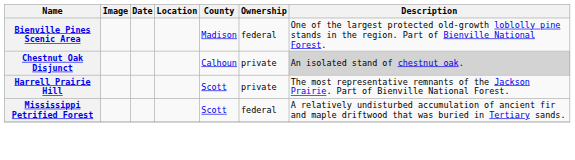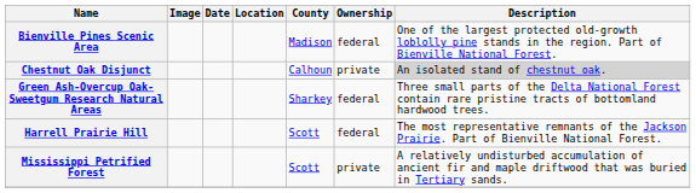 <table class="wikitable sortable" align="center">
 <tr>
 <th style="background-color:">Name</th>
 <th style="background-color:">Image</th>
 <th style="background-color:">Date</th>
 <th style="background-color:">Location</th>
 <th style="background-color:">County</th>
 <th style="background-color:">Ownership</th>
 <th style="background-color:">Description</th>
 </tr>
 <tr>
 <th><a href='#'>Bienville Pines Scenic Area</a></th>
 <td></td>
 <td></td>
 <td></td>
 <td><a href='#'>Madison</a></td>
 <td>federal</td>
 <td>One of the largest protected old-growth <a href='#'>loblolly pine</a> stands in the region. Part of <a href='#'>Bienville National Forest</a>.</td>
 </tr>
 <tr>
 <th><a href='#'>Chestnut Oak Disjunct</a></th>
 <td></td>
 <td></td>
 <td></td>
 <td><a href='#'>Calhoun</a></td>
 <td>private</td>
 <td style="background: lightgrey;">An isolated stand of <a href='#'>chestnut oak</a>.</td>
 </tr>
 <tr>
+<th><a href='#'>Green Ash-Overcup Oak-Sweetgum Research Natural Areas</a></th>
+<td></td>
+<td></td>
+<td></td>
+<td><a href='#'>Sharkey</a></td>
+<td>federal</td>
+<td>Three small parts of the <a href='#'>Delta National Forest</a> contain rare pristine tracts of bottomland hardwood trees.</td>
+</tr>
+<tr>
 <th><a href='#'>Harrell Prairie Hill</a></th>
 <td></td>
 <td></td>
 <td></td>
 <td><a href='#'>Scott</a></td>
-<td>private</td>
+<td>federal</td>
 <td>The most representative remnants of the <a href='#'>Jackson Prairie</a>. Part of Bienville National Forest.</td>
 </tr>
 <tr>
 <th><a href='#'>Mississippi Petrified Forest</a></th>
 <td></td>
 <td></td>
 <td></td>
 <td><a href='#'>Scott</a></td>
-<td>federal</td>
+<td>private</td>
 <td>A relatively undisturbed accumulation of ancient fir and maple driftwood that was buried in <a href='#'>Tertiary</a> sands.</td>
 </tr>
 <tr>
 </tr>
 </table>
